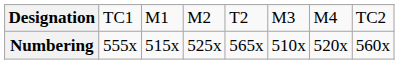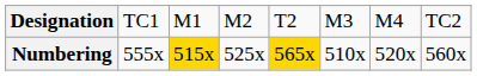 <table class="wikitable">
 <tr>
 <th>Designation</th>
 <td>TC1</td>
 <td>M1</td>
 <td>M2</td>
 <td>T2</td>
 <td>M3</td>
 <td>M4</td>
 <td>TC2</td>
 </tr>
 <tr>
 <th>Numbering</th>
 <td>555x</td>
-<td>515x</td>
+<td style="background: gold;">515x</td>
 <td>525x</td>
-<td>565x</td>
+<td style="background: gold;">565x</td>
 <td>510x</td>
 <td>520x</td>
 <td>560x</td>
 </tr>
 </table>
